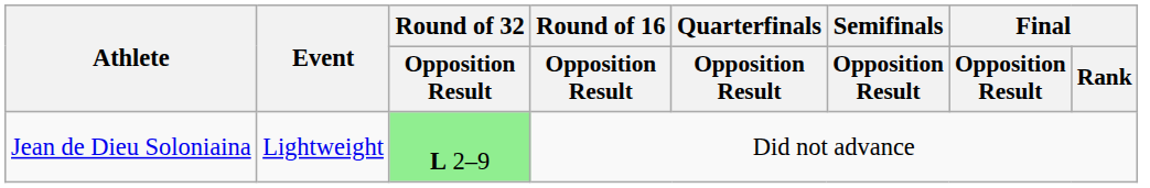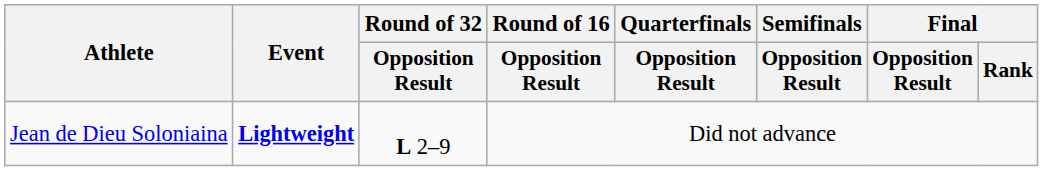 <table class="wikitable" style="font-size:90%;">
 <tr>
 <th rowspan=2>Athlete</th>
 <th rowspan=2>Event</th>
 <th>Round of 32</th>
 <th>Round of 16</th>
 <th>Quarterfinals</th>
 <th>Semifinals</th>
 <th colspan=2>Final</th>
 </tr>
 <tr style="font-size:95%">
 <th>Opposition<br>Result</th>
 <th>Opposition<br>Result</th>
 <th>Opposition<br>Result</th>
 <th>Opposition<br>Result</th>
 <th>Opposition<br>Result</th>
 <th>Rank</th>
 </tr>
 <tr align=center>
 <td align=left><a href='#'>Jean de Dieu Soloniaina</a></td>
-<td align=left><a href='#'>Lightweight</a></td>
-<td style="background: lightgreen;"><br><strong>L</strong> 2–9</td>
+<td align=left><strong><a href='#'>Lightweight</a></strong></td>
+<td><br><strong>L</strong> 2–9</td>
 <td colspan=5>Did not advance</td>
 </tr>
 </table>
